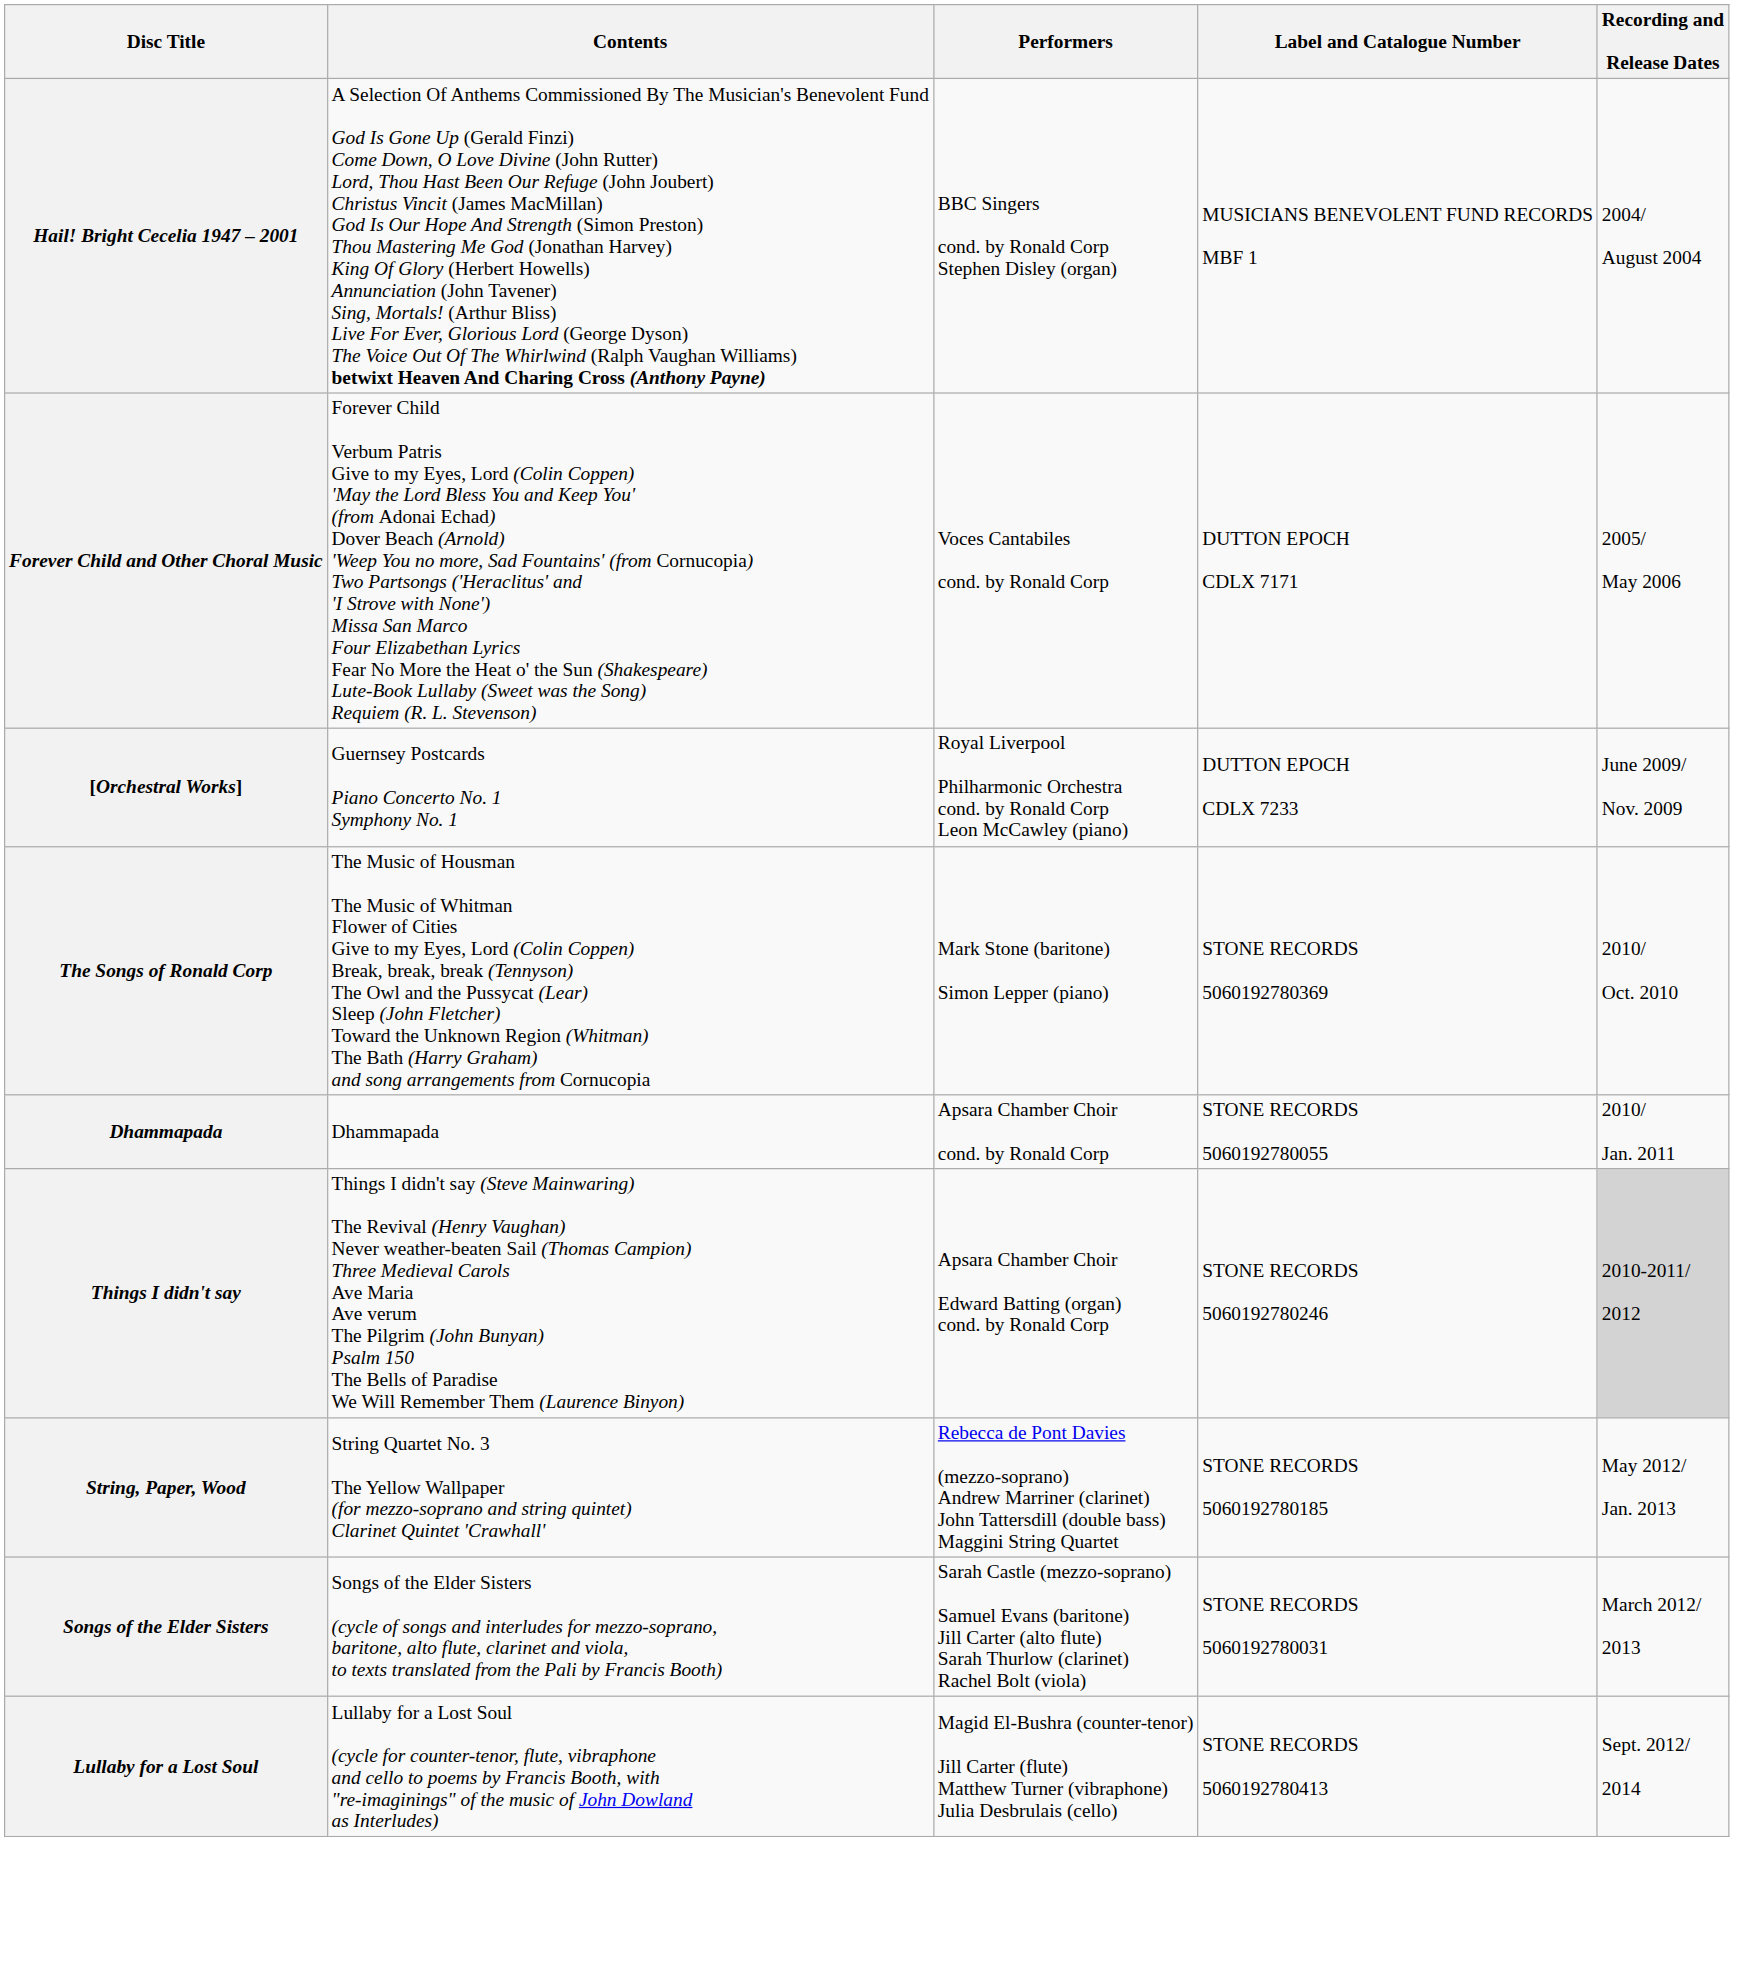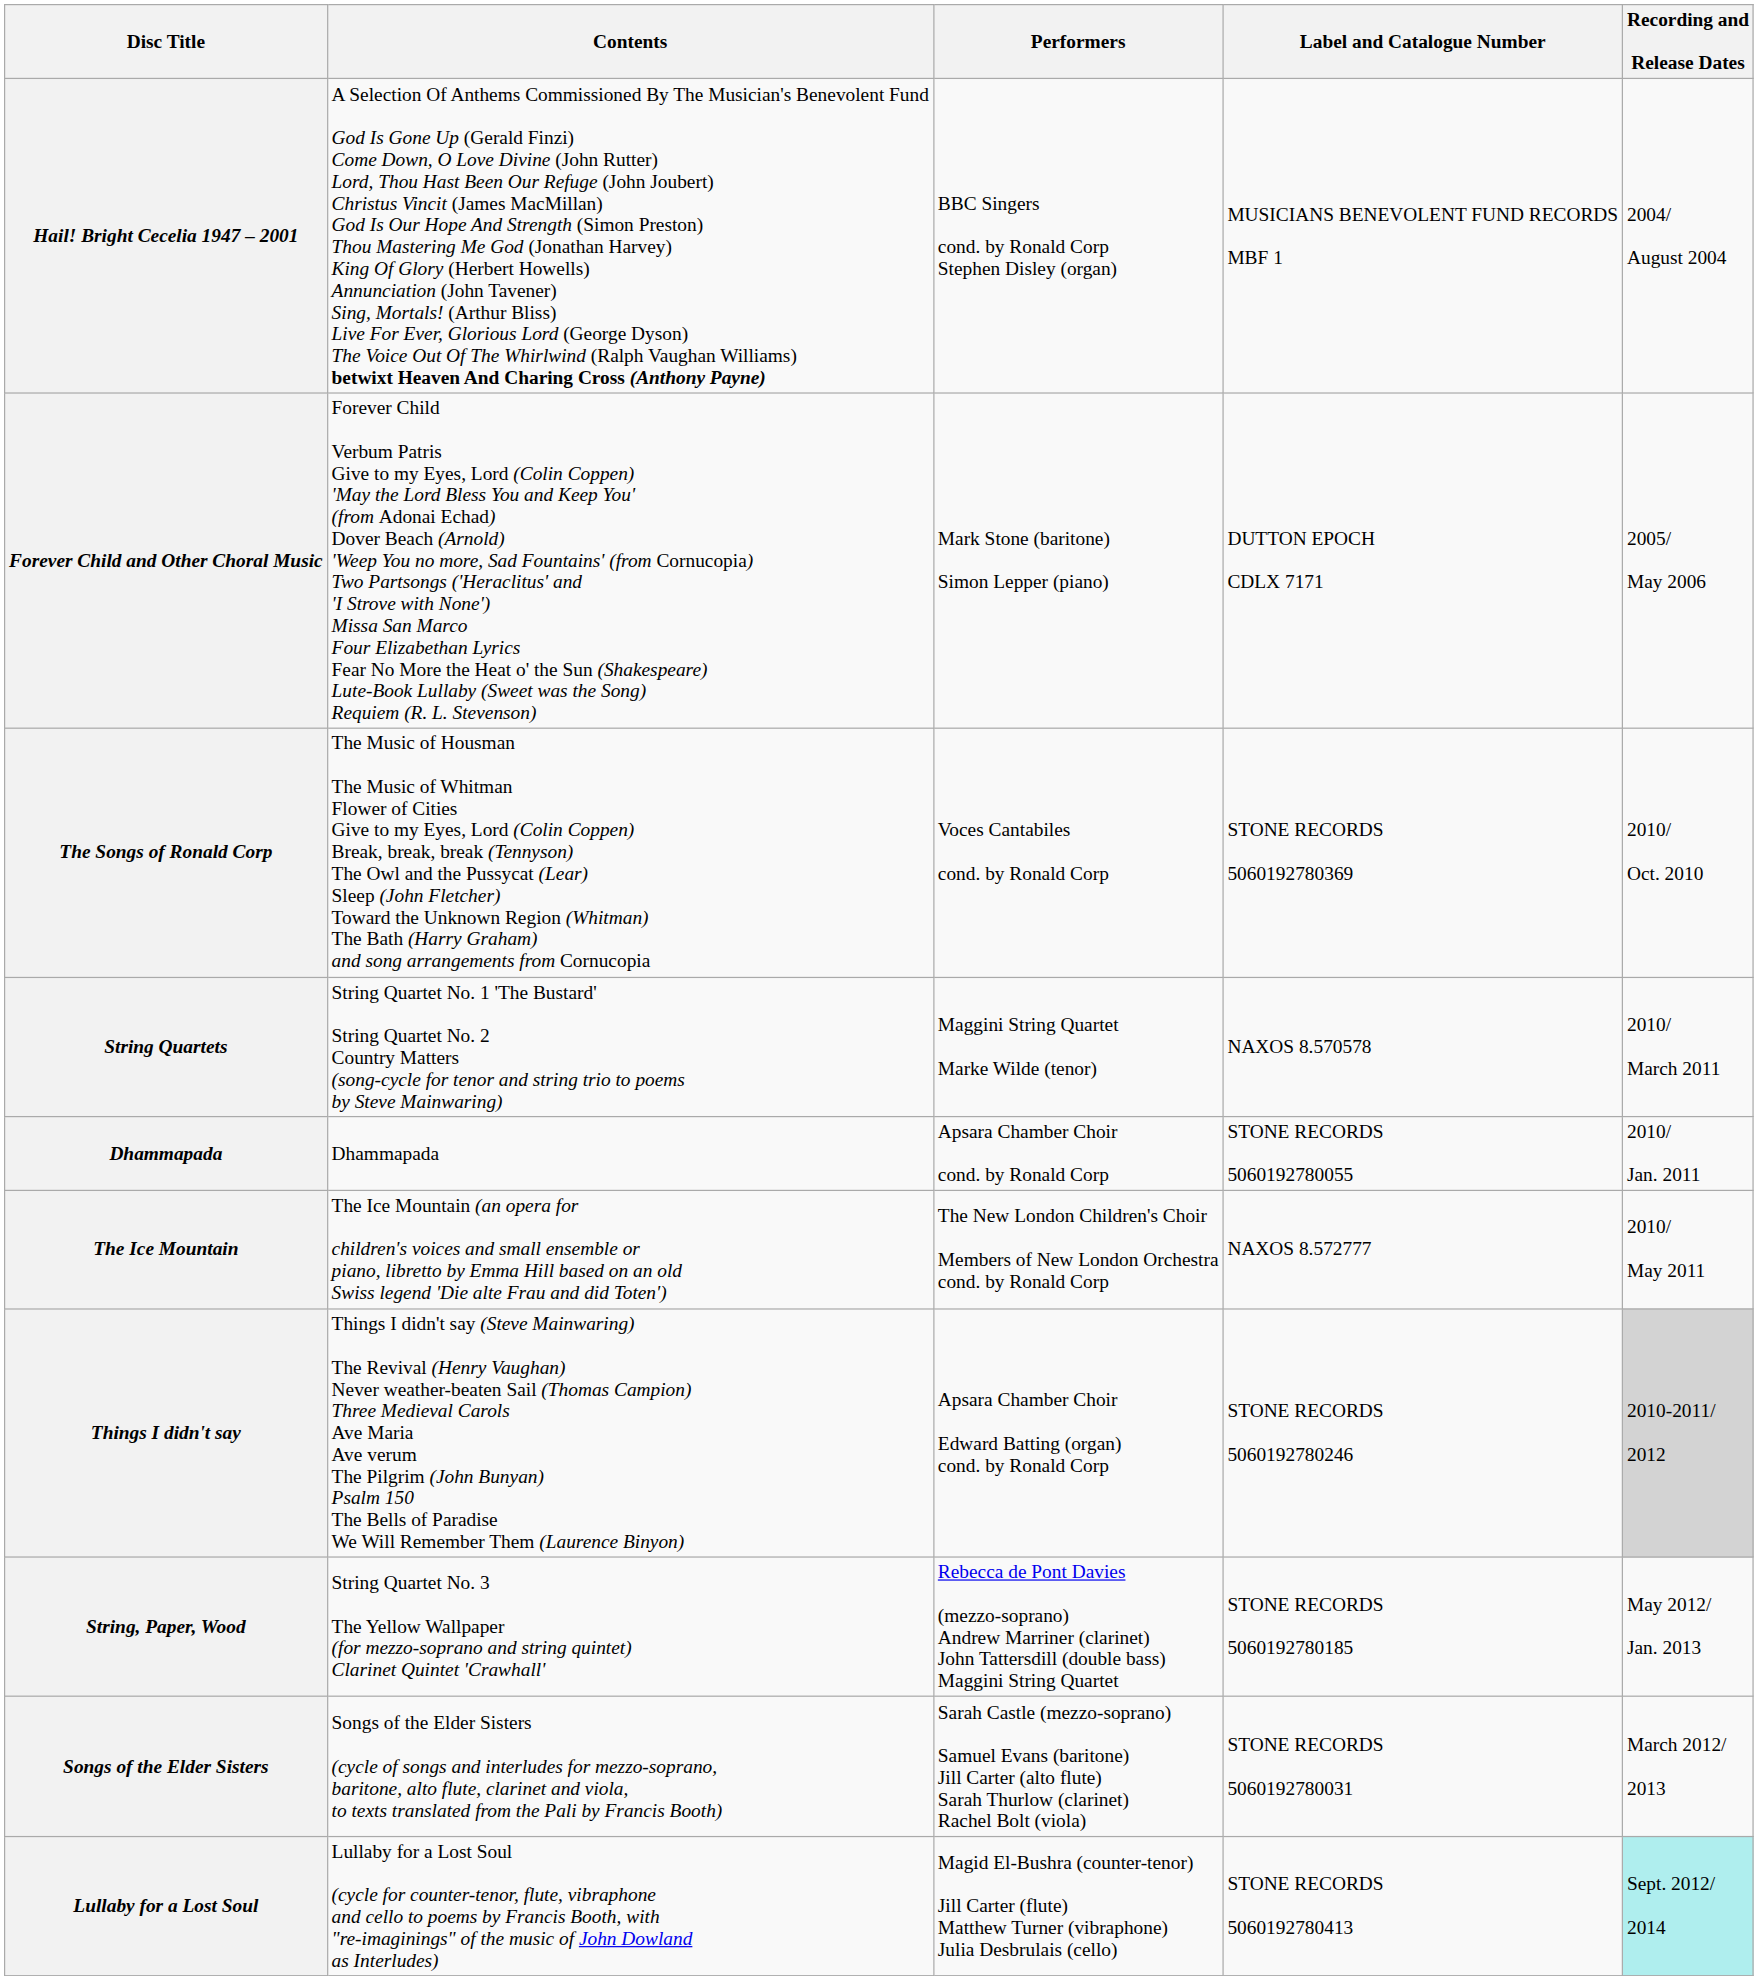 <table class="wikitable">
 <tr>
 <th>Disc Title</th>
 <th>Contents</th>
 <th>Performers</th>
 <th>Label and Catalogue Number</th>
 <th>Recording and <br><br>Release Dates</th>
 </tr>
 <tr>
 <th><strong><em>Hail! Bright Cecelia 1947 – 2001</em></strong></th>
 <td>A Selection Of Anthems Commissioned By The Musician's Benevolent Fund<br><br><em>God Is Gone Up</em> (Gerald Finzi)<br> <em>Come Down, O Love Divine</em> (John Rutter)<br> <em>Lord, Thou Hast Been Our Refuge</em> (John Joubert)<br> <em>Christus Vincit</em> (James MacMillan)<br> <em>God Is Our Hope And Strength</em> (Simon Preston)<br> <em>Thou Mastering Me God</em> (Jonathan Harvey)<br> <em>King Of Glory</em> (Herbert Howells)<br> <em>Annunciation</em> (John Tavener)<br> <em>Sing, Mortals!</em> (Arthur Bliss)<br> <em>Live For Ever, Glorious Lord</em> (George Dyson)<br> <em>The Voice Out Of The Whirlwind</em> (Ralph Vaughan Williams)<br> <strong>betwixt Heaven And Charing Cross<em> (Anthony Payne)<br></td>
 <td>BBC Singers<br><br>cond. by Ronald Corp<br> Stephen Disley (organ)</td>
 <td>MUSICIANS BENEVOLENT FUND RECORDS <br><br>MBF 1</td>
 <td>2004/<br><br>August 2004</td>
 </tr>
 <tr>
 <th><strong><em>Forever Child and Other Choral Music</em></strong></th>
 <td></em>Forever Child<em><br><br></em>Verbum Patris<em><br>  </em>Give to my Eyes, Lord<em> (Colin Coppen)<br> 'May the Lord Bless You and Keep You' <br> (from </em>Adonai Echad<em>)<br> </em>Dover Beach<em> (Arnold)<br> 'Weep You no more, Sad Fountains' (from </em>Cornucopia<em>)<br> Two Partsongs ('Heraclitus' and <br> 'I Strove with None')<br> Missa San Marco<br>  Four Elizabethan Lyrics<br>  </em>Fear No More the Heat o' the Sun<em> (Shakespeare)<br> Lute-Book Lullaby (Sweet was the Song)<br> Requiem (R. L. Stevenson)</td>
-<td>Voces Cantabiles<br><br>cond. by Ronald Corp</td>
+<td>Mark Stone (baritone)<br><br>Simon Lepper (piano)</td>
 <td>DUTTON EPOCH<br><br>CDLX 7171</td>
 <td>2005/<br><br>May 2006</td>
 </tr>
 <tr>
-<th>[<strong><em>Orchestral Works</em></strong>]</th>
-<td></em>Guernsey Postcards<em><br><br>Piano Concerto No. 1<br> Symphony No. 1</td>
-<td>Royal Liverpool<br><br>Philharmonic Orchestra<br> cond. by Ronald Corp<br> Leon McCawley (piano)</td>
-<td>DUTTON EPOCH <br><br>CDLX 7233</td>
-<td>June 2009/<br><br>Nov. 2009</td>
+<th><strong><em>The Songs of Ronald Corp</em></strong></th>
+<td>The Music of Housman<br><br>The Music of Whitman <br> </em>Flower of Cities<em><br> </em>Give to my Eyes, Lord<em> (Colin Coppen)<br> </em>Break, break, break<em> (Tennyson)<br> </em>The Owl and the Pussycat<em> (Lear)<br> </em>Sleep<em> (John Fletcher)<br> </em>Toward the Unknown Region<em> (Whitman)<br> </em>The Bath<em> (Harry Graham)<br> and song arrangements from </em>Cornucopia<em></td>
+<td>Voces Cantabiles<br><br>cond. by Ronald Corp</td>
+<td>STONE RECORDS<br><br>5060192780369</td>
+<td>2010/<br><br>Oct. 2010</td>
 </tr>
 <tr>
-<th><strong><em>The Songs of Ronald Corp</em></strong></th>
-<td>The Music of Housman<br><br>The Music of Whitman <br> </em>Flower of Cities<em><br> </em>Give to my Eyes, Lord<em> (Colin Coppen)<br> </em>Break, break, break<em> (Tennyson)<br> </em>The Owl and the Pussycat<em> (Lear)<br> </em>Sleep<em> (John Fletcher)<br> </em>Toward the Unknown Region<em> (Whitman)<br> </em>The Bath<em> (Harry Graham)<br> and song arrangements from </em>Cornucopia<em></td>
-<td>Mark Stone (baritone)<br><br>Simon Lepper (piano)</td>
-<td>STONE RECORDS<br><br>5060192780369</td>
-<td>2010/<br><br>Oct. 2010</td>
+<th><strong><em>String Quartets</em></strong></th>
+<td>String Quartet No. 1 'The Bustard'<br><br>String Quartet No. 2<br> </em>Country Matters<em> <br> (song-cycle for tenor and string trio to poems<br> by Steve Mainwaring)<br></td>
+<td>Maggini String Quartet<br><br>Marke Wilde (tenor)</td>
+<td>NAXOS 8.570578</td>
+<td>2010/<br><br>March 2011</td>
 </tr>
 <tr>
 <th><strong><em>Dhammapada</em></strong></th>
 <td></em>Dhammapada<em></td>
 <td>Apsara Chamber Choir<br><br>cond. by Ronald Corp</td>
 <td>STONE RECORDS <br><br>5060192780055</td>
 <td>2010/<br><br>Jan. 2011</td>
+</tr>
+<tr>
+<th><strong><em>The Ice Mountain</em></strong></th>
+<td></em>The Ice Mountain<em> (an opera for<br><br>children's voices and small ensemble or<br> piano, libretto by Emma Hill based on an old<br> Swiss legend 'Die alte Frau and did Toten')</td>
+<td>The New London Children's Choir<br><br>Members of New London Orchestra<br> cond. by Ronald Corp</td>
+<td>NAXOS 8.572777</td>
+<td>2010/<br><br>May 2011</td>
 </tr>
 <tr>
 <th><strong><em>Things I didn't say</em></strong></th>
 <td></em>Things I didn't say<em> (Steve Mainwaring)<br><br></em>The Revival<em> (Henry Vaughan) <br> </em>Never weather-beaten Sail<em> (Thomas Campion)<br> Three Medieval Carols<br> </em>Ave Maria<em><br> </em>Ave verum<em><br> </em>The Pilgrim<em> (John Bunyan)<br> Psalm 150<br> </em>The Bells of Paradise<em><br> </em>We Will Remember Them<em> (Laurence Binyon)<br></td>
 <td>Apsara Chamber Choir<br><br>Edward Batting (organ)<br> cond. by Ronald Corp</td>
 <td>STONE RECORDS<br><br>5060192780246</td>
 <td style="background: lightgrey;">2010-2011/<br><br>2012</td>
 </tr>
 <tr>
 <th><strong><em>String, Paper, Wood</em></strong></th>
 <td>String Quartet No. 3<br><br></em>The Yellow Wallpaper<em><br> (for mezzo-soprano and string quintet)<br> Clarinet Quintet 'Crawhall'</td>
 <td><a href='#'>Rebecca de Pont Davies</a> <br><br>(mezzo-soprano)<br> Andrew Marriner (clarinet)<br> John Tattersdill (double bass)<br> Maggini String Quartet</td>
 <td>STONE RECORDS<br><br>5060192780185</td>
 <td>May 2012/<br><br>Jan. 2013</td>
 </tr>
 <tr>
 <th><strong><em>Songs of the Elder Sisters</em></strong></th>
 <td></em>Songs of the Elder Sisters<em><br><br>(cycle of songs and interludes for mezzo-soprano,<br> baritone, alto flute, clarinet and viola, <br> to texts translated from the Pali by Francis Booth)<br></td>
 <td>Sarah Castle (mezzo-soprano)<br><br>Samuel Evans (baritone)<br> Jill Carter (alto flute)<br> Sarah Thurlow (clarinet)<br> Rachel Bolt (viola)<br></td>
 <td>STONE RECORDS <br><br>5060192780031</td>
 <td>March 2012/<br><br>2013</td>
 </tr>
 <tr>
 <th><strong><em>Lullaby for a Lost Soul</em></strong></th>
 <td></em>Lullaby for a Lost Soul<em><br><br>(cycle for counter-tenor, flute, vibraphone<br> and cello to poems by Francis Booth, with<br> "re-imaginings" of the music of <a href='#'>John Dowland</a><br>  as Interludes)<br></td>
 <td>Magid El-Bushra (counter-tenor)<br><br>Jill Carter (flute)<br> Matthew Turner (vibraphone)<br> Julia Desbrulais (cello)<br></td>
 <td>STONE RECORDS<br><br>5060192780413</td>
-<td>Sept. 2012/<br><br>2014</td>
+<td style="background: paleturquoise;">Sept. 2012/<br><br>2014</td>
 </tr>
 </table>
